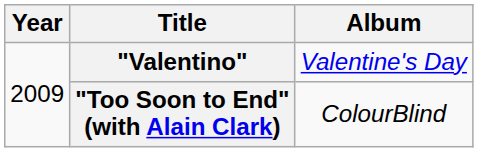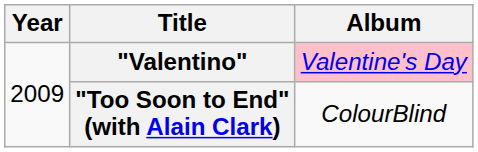 <table class="wikitable plainrowheaders" style="text-align:center;">
 <tr>
 <th scope="col">Year</th>
 <th scope="col">Title</th>
 <th scope="col">Album</th>
 </tr>
 <tr>
 <td rowspan="2">2009</td>
 <th scope="row">"Valentino"</th>
-<td><em><a href='#'>Valentine's Day</a></em></td>
+<td style="background: pink;"><em><a href='#'>Valentine's Day</a></em></td>
 </tr>
 <tr>
 <th scope="row">"Too Soon to End"<br><span>(with <a href='#'>Alain Clark</a>)</span></th>
 <td><em>ColourBlind</em></td>
 </tr>
 </table>
